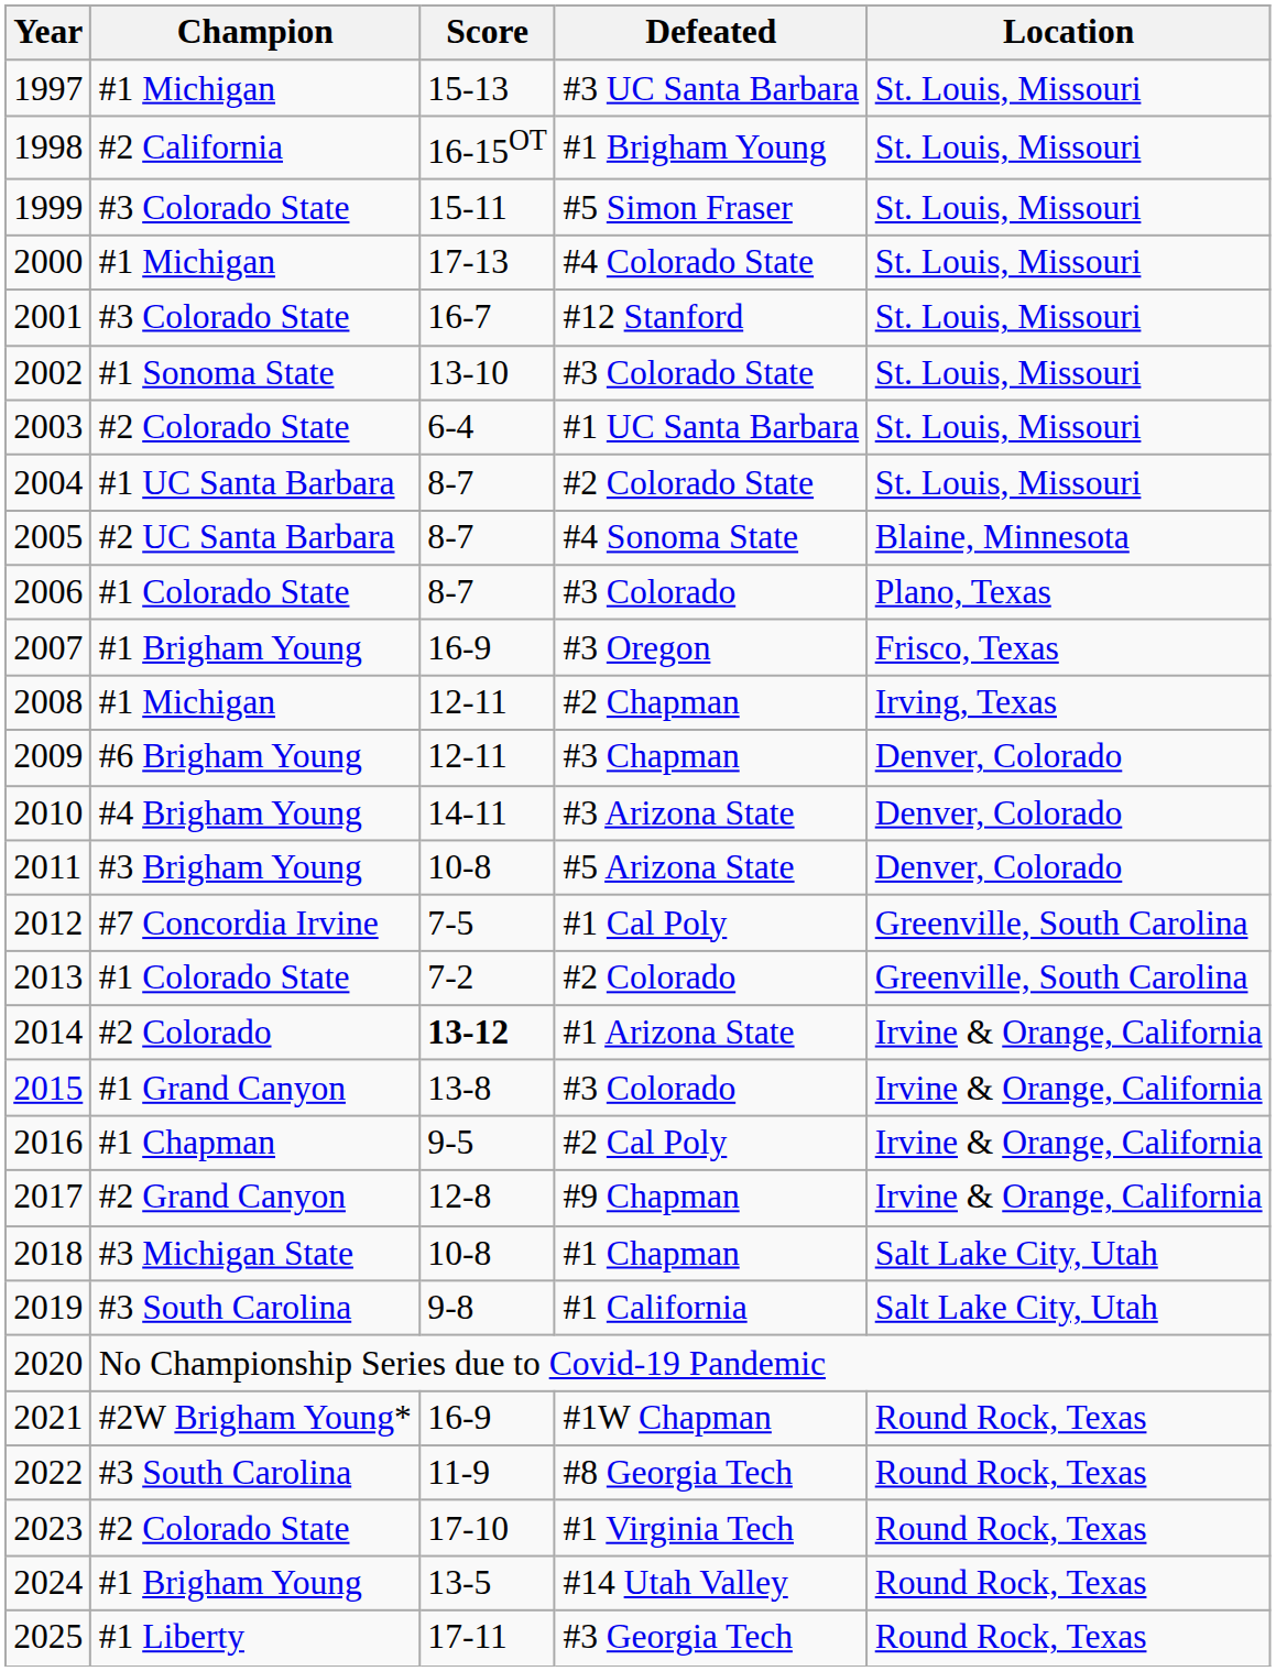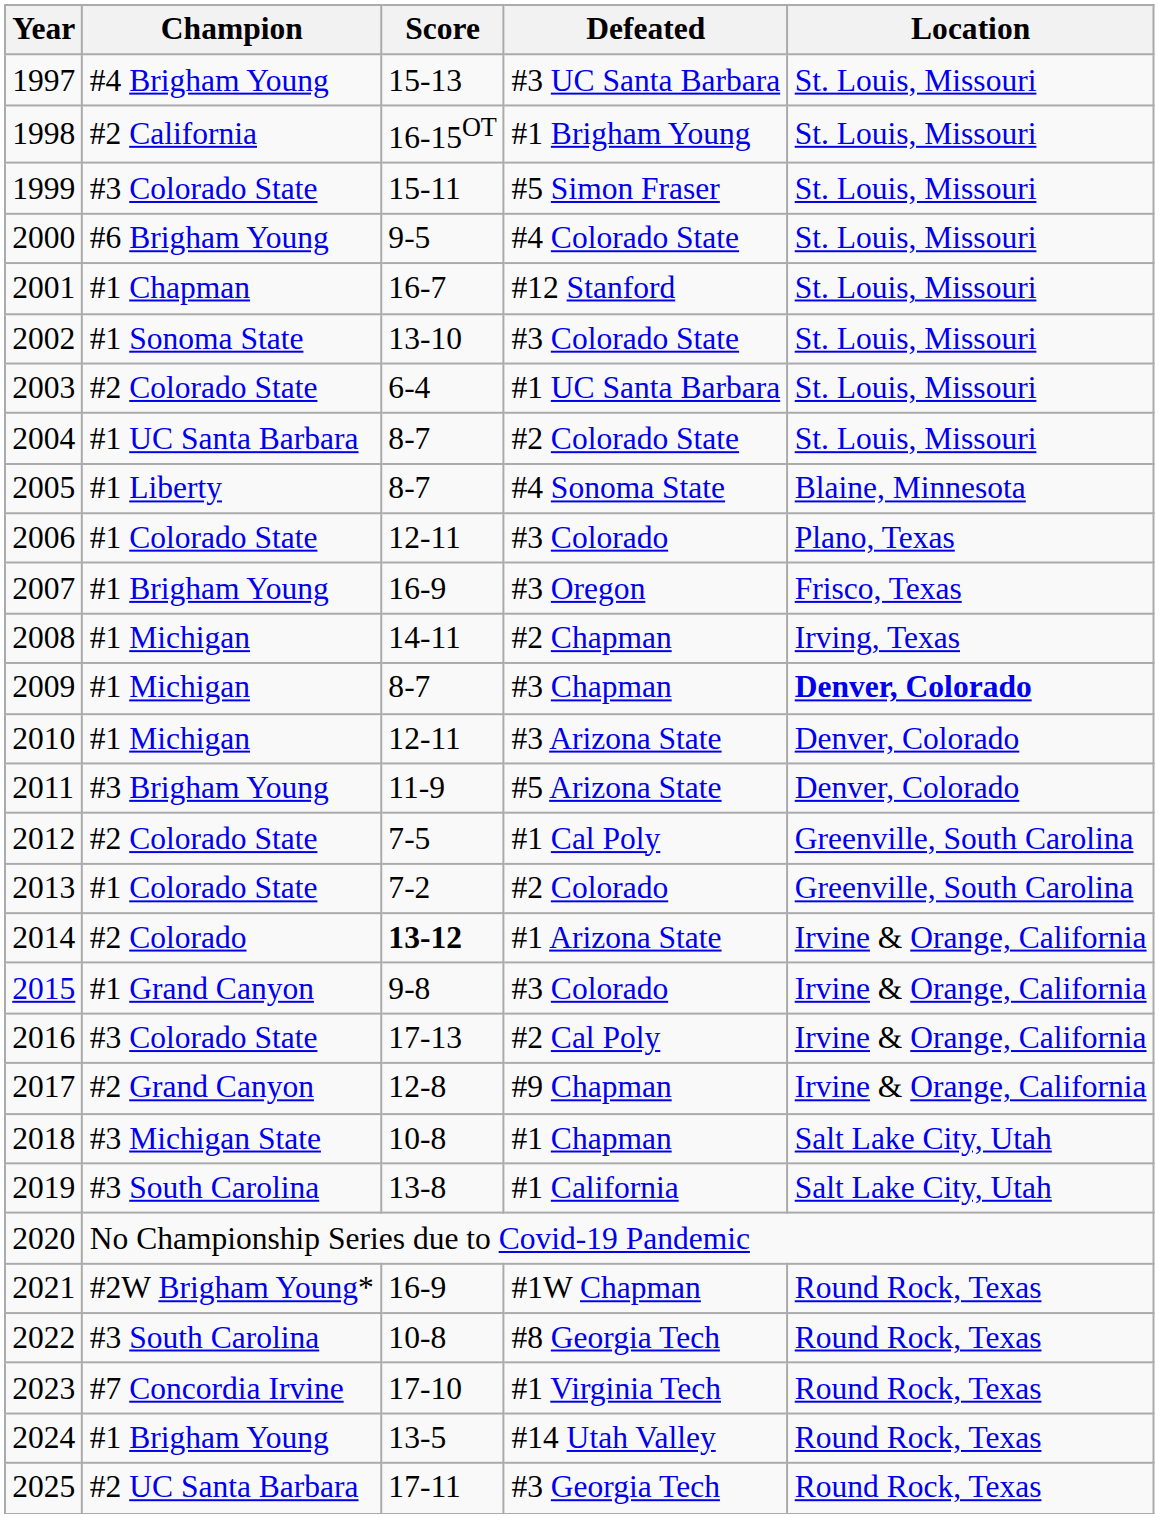 <table class="wikitable">
 <tr>
 <th>Year</th>
 <th>Champion</th>
 <th>Score</th>
 <th>Defeated</th>
 <th>Location</th>
 </tr>
 <tr>
 <td>1997</td>
-<td>#1 <a href='#'>Michigan</a></td>
+<td>#4 <a href='#'>Brigham Young</a></td>
 <td>15-13</td>
 <td>#3 <a href='#'>UC Santa Barbara</a></td>
 <td><a href='#'>St. Louis, Missouri</a></td>
 </tr>
 <tr>
 <td>1998</td>
 <td>#2 <a href='#'>California</a></td>
 <td>16-15<sup>OT</sup></td>
 <td>#1 <a href='#'>Brigham Young</a></td>
 <td><a href='#'>St. Louis, Missouri</a></td>
 </tr>
 <tr>
 <td>1999</td>
 <td>#3 <a href='#'>Colorado State</a></td>
 <td>15-11</td>
 <td>#5 <a href='#'>Simon Fraser</a></td>
 <td><a href='#'>St. Louis, Missouri</a></td>
 </tr>
 <tr>
 <td>2000</td>
-<td>#1 <a href='#'>Michigan</a></td>
-<td>17-13</td>
+<td>#6 <a href='#'>Brigham Young</a></td>
+<td>9-5</td>
 <td>#4 <a href='#'>Colorado State</a></td>
 <td><a href='#'>St. Louis, Missouri</a></td>
 </tr>
 <tr>
 <td>2001</td>
-<td>#3 <a href='#'>Colorado State</a></td>
+<td>#1 <a href='#'>Chapman</a></td>
 <td>16-7</td>
 <td>#12 <a href='#'>Stanford</a></td>
 <td><a href='#'>St. Louis, Missouri</a></td>
 </tr>
 <tr>
 <td>2002</td>
 <td>#1 <a href='#'>Sonoma State</a></td>
 <td>13-10</td>
 <td>#3 <a href='#'>Colorado State</a></td>
 <td><a href='#'>St. Louis, Missouri</a></td>
 </tr>
 <tr>
 <td>2003</td>
 <td>#2 <a href='#'>Colorado State</a></td>
 <td>6-4</td>
 <td>#1 <a href='#'>UC Santa Barbara</a></td>
 <td><a href='#'>St. Louis, Missouri</a></td>
 </tr>
 <tr>
 <td>2004</td>
 <td>#1 <a href='#'>UC Santa Barbara</a></td>
 <td>8-7</td>
 <td>#2 <a href='#'>Colorado State</a></td>
 <td><a href='#'>St. Louis, Missouri</a></td>
 </tr>
 <tr>
 <td>2005</td>
-<td>#2 <a href='#'>UC Santa Barbara</a></td>
+<td>#1 <a href='#'>Liberty</a></td>
 <td>8-7</td>
 <td>#4 <a href='#'>Sonoma State</a></td>
 <td><a href='#'>Blaine, Minnesota</a></td>
 </tr>
 <tr>
 <td>2006</td>
 <td>#1 <a href='#'>Colorado State</a></td>
-<td>8-7</td>
+<td>12-11</td>
 <td>#3 <a href='#'>Colorado</a></td>
 <td><a href='#'>Plano, Texas</a></td>
 </tr>
 <tr>
 <td>2007</td>
 <td>#1 <a href='#'>Brigham Young</a></td>
 <td>16-9</td>
 <td>#3 <a href='#'>Oregon</a></td>
 <td><a href='#'>Frisco, Texas</a></td>
 </tr>
 <tr>
 <td>2008</td>
 <td>#1 <a href='#'>Michigan</a></td>
-<td>12-11</td>
+<td>14-11</td>
 <td>#2 <a href='#'>Chapman</a></td>
 <td><a href='#'>Irving, Texas</a></td>
 </tr>
 <tr>
 <td>2009</td>
-<td>#6 <a href='#'>Brigham Young</a></td>
-<td>12-11</td>
+<td>#1 <a href='#'>Michigan</a></td>
+<td>8-7</td>
 <td>#3 <a href='#'>Chapman</a></td>
-<td><a href='#'>Denver, Colorado</a></td>
+<td><strong><a href='#'>Denver, Colorado</a></strong></td>
 </tr>
 <tr>
 <td>2010</td>
-<td>#4 <a href='#'>Brigham Young</a></td>
-<td>14-11</td>
+<td>#1 <a href='#'>Michigan</a></td>
+<td>12-11</td>
 <td>#3 <a href='#'>Arizona State</a></td>
 <td><a href='#'>Denver, Colorado</a></td>
 </tr>
 <tr>
 <td>2011</td>
 <td>#3 <a href='#'>Brigham Young</a></td>
-<td>10-8</td>
+<td>11-9</td>
 <td>#5 <a href='#'>Arizona State</a></td>
 <td><a href='#'>Denver, Colorado</a></td>
 </tr>
 <tr>
 <td>2012</td>
-<td>#7 <a href='#'>Concordia Irvine</a></td>
+<td>#2 <a href='#'>Colorado State</a></td>
 <td>7-5</td>
 <td>#1 <a href='#'>Cal Poly</a></td>
 <td><a href='#'>Greenville, South Carolina</a></td>
 </tr>
 <tr>
 <td>2013</td>
 <td>#1 <a href='#'>Colorado State</a></td>
 <td>7-2</td>
 <td>#2 <a href='#'>Colorado</a></td>
 <td><a href='#'>Greenville, South Carolina</a></td>
 </tr>
 <tr>
 <td>2014</td>
 <td>#2 <a href='#'>Colorado</a></td>
 <td><strong>13-12</strong></td>
 <td>#1 <a href='#'>Arizona State</a></td>
 <td><a href='#'>Irvine</a> & <a href='#'>Orange, California</a></td>
 </tr>
 <tr>
 <td><a href='#'>2015</a></td>
 <td>#1 <a href='#'>Grand Canyon</a></td>
-<td>13-8</td>
+<td>9-8</td>
 <td>#3 <a href='#'>Colorado</a></td>
 <td><a href='#'>Irvine</a> & <a href='#'>Orange, California</a></td>
 </tr>
 <tr>
 <td>2016</td>
-<td>#1 <a href='#'>Chapman</a></td>
-<td>9-5</td>
+<td>#3 <a href='#'>Colorado State</a></td>
+<td>17-13</td>
 <td>#2 <a href='#'>Cal Poly</a></td>
 <td><a href='#'>Irvine</a> & <a href='#'>Orange, California</a></td>
 </tr>
 <tr>
 <td>2017</td>
 <td>#2 <a href='#'>Grand Canyon</a></td>
 <td>12-8</td>
 <td>#9 <a href='#'>Chapman</a></td>
 <td><a href='#'>Irvine</a> & <a href='#'>Orange, California</a></td>
 </tr>
 <tr>
 <td>2018</td>
 <td>#3 <a href='#'>Michigan State</a></td>
 <td>10-8</td>
 <td>#1 <a href='#'>Chapman</a></td>
 <td><a href='#'>Salt Lake City, Utah</a></td>
 </tr>
 <tr>
 <td>2019</td>
 <td>#3 <a href='#'>South Carolina</a></td>
-<td>9-8</td>
+<td>13-8</td>
 <td>#1 <a href='#'>California</a></td>
 <td><a href='#'>Salt Lake City, Utah</a></td>
 </tr>
 <tr>
 <td>2020</td>
 <td colspan="4">No Championship Series due to <a href='#'>Covid-19 Pandemic</a></td>
 </tr>
 <tr>
 <td>2021</td>
 <td>#2W <a href='#'>Brigham Young</a>*</td>
 <td>16-9</td>
 <td>#1W <a href='#'>Chapman</a></td>
 <td><a href='#'>Round Rock, Texas</a></td>
 </tr>
 <tr>
 <td>2022</td>
 <td>#3 <a href='#'>South Carolina</a></td>
-<td>11-9</td>
+<td>10-8</td>
 <td>#8 <a href='#'>Georgia Tech</a></td>
 <td><a href='#'>Round Rock, Texas</a></td>
 </tr>
 <tr>
 <td>2023</td>
-<td>#2 <a href='#'>Colorado State</a></td>
+<td>#7 <a href='#'>Concordia Irvine</a></td>
 <td>17-10</td>
 <td>#1 <a href='#'>Virginia Tech</a></td>
 <td><a href='#'>Round Rock, Texas</a></td>
 </tr>
 <tr>
 <td>2024</td>
 <td>#1 <a href='#'>Brigham Young</a></td>
 <td>13-5</td>
 <td>#14 <a href='#'>Utah Valley</a></td>
 <td><a href='#'>Round Rock, Texas</a></td>
 </tr>
 <tr>
 <td>2025</td>
-<td>#1 <a href='#'>Liberty</a></td>
+<td>#2 <a href='#'>UC Santa Barbara</a></td>
 <td>17-11</td>
 <td>#3 <a href='#'>Georgia Tech</a></td>
 <td><a href='#'>Round Rock, Texas</a></td>
 </tr>
 </table>
